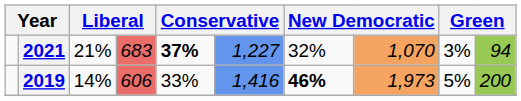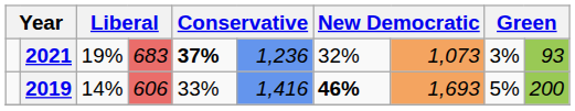 <table class="wikitable" style="float:right; width:400; font-size:90%; margin-left:1em;">
 <tr>
 <th colspan="2" scope="col">Year</th>
 <th colspan="2" scope="col"><a href='#'>Liberal</a></th>
 <th colspan="2" scope="col"><a href='#'>Conservative</a></th>
 <th colspan="2" scope="col"><a href='#'>New Democratic</a></th>
 <th colspan="2" scope="col"><a href='#'>Green</a></th>
 </tr>
 <tr>
 <td style="width: 0.25em; background-color: "></td>
 <th><a href='#'>2021</a></th>
-<td>21%</td>
+<td>19%</td>
 <td style="text-align:right; background:#EA6D6A;"><em>683</em></td>
 <td><strong>37%</strong></td>
-<td style="text-align:right; background:#6495ED;"><em>1,227</em></td>
+<td style="text-align:right; background:#6495ED;"><em>1,236</em></td>
 <td>32%</td>
-<td style="text-align:right; background:#F4A460;"><em>1,070</em></td>
+<td style="text-align:right; background:#F4A460;"><em>1,073</em></td>
 <td>3%</td>
-<td style="text-align:right; background:#99C955;"><em>94</em></td>
+<td style="text-align:right; background:#99C955;"><em>93</em></td>
 </tr>
 <tr>
 <td style="width: 0.25em; background-color: "></td>
 <th><a href='#'>2019</a></th>
 <td>14%</td>
 <td style="text-align:right; background:#EA6D6A;"><em>606</em></td>
 <td>33%</td>
 <td style="text-align:right; background:#6495ED;"><em>1,416</em></td>
 <td><strong>46%</strong></td>
-<td style="text-align:right; background:#F4A460;"><em>1,973</em></td>
+<td style="text-align:right; background:#F4A460;"><em>1,693</em></td>
 <td>5%</td>
 <td style="text-align:right; background:#99C955;"><em>200</em></td>
 </tr>
 <tr>
 </tr>
 </table>
